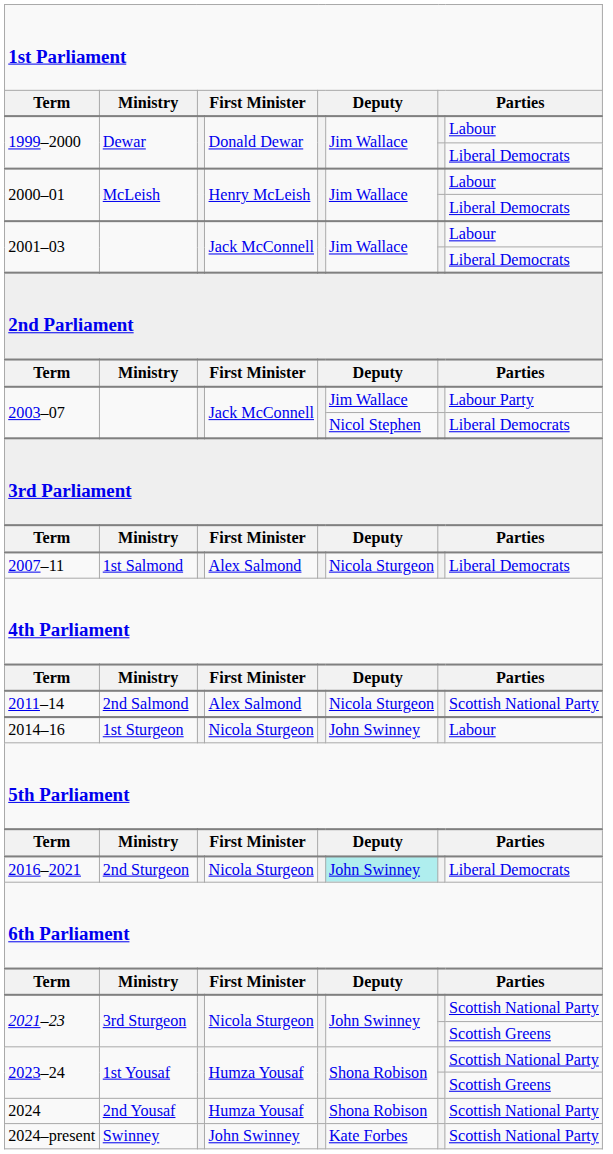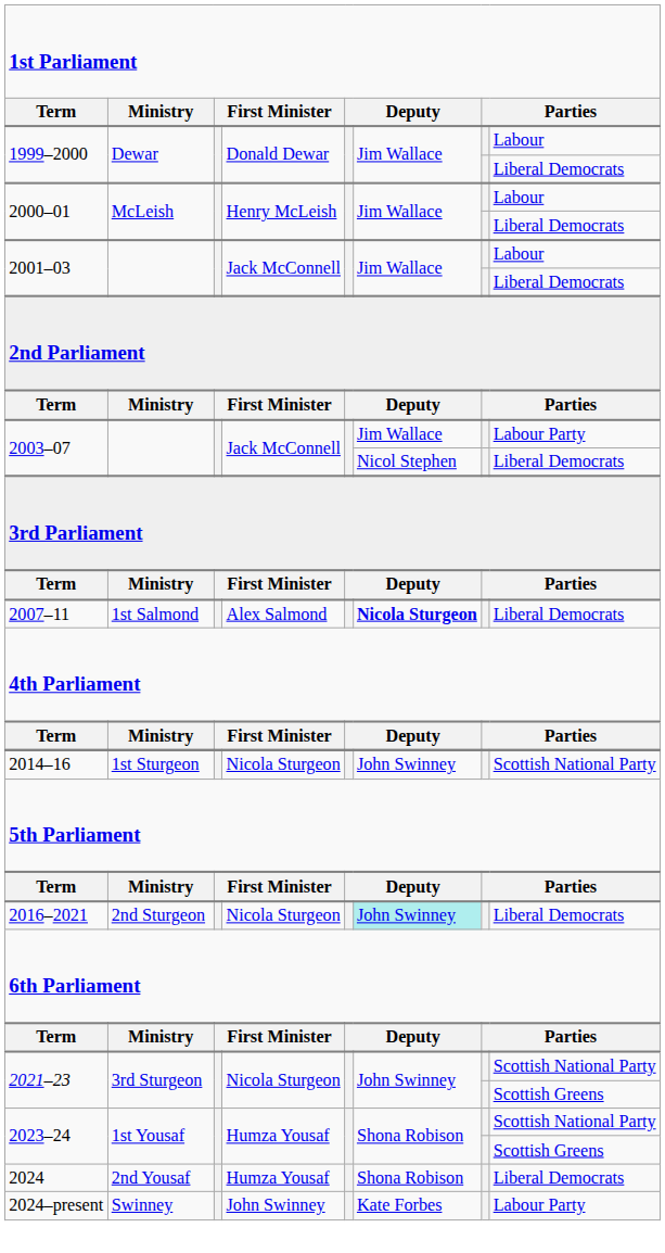 <table class="wikitable">
 <tr>
 <td colspan="8"><br><h3><a href='#'>1st Parliament</a></h3></td>
 </tr>
 <tr style="text-align: center; background: #efefef; border-bottom: 2px solid gray;">
 <th>Term</th>
 <th style="width: 90px">Ministry</th>
 <th colspan="2">First Minister</th>
 <th colspan="2">Deputy</th>
 <th colspan="2">Parties</th>
 </tr>
 <tr>
 <td rowspan="2"><a href='#'>1999</a>–2000</td>
 <td rowspan="2"><a href='#'>Dewar</a></td>
 <th rowspan="2" style="background-color: "></th>
 <td rowspan="2"><a href='#'>Donald Dewar</a></td>
 <th rowspan="2" style="background-color: "></th>
 <td rowspan="2"><a href='#'>Jim Wallace</a></td>
 <th style="background-color: "></th>
 <td><a href='#'>Labour</a></td>
 </tr>
 <tr style="border-bottom: 2px solid gray;">
 <th style="background-color: "></th>
 <td><a href='#'>Liberal Democrats</a></td>
 </tr>
 <tr>
 <td rowspan="2">2000–01</td>
 <td rowspan="2"><a href='#'>McLeish</a></td>
 <th rowspan="2" style="background-color: "></th>
 <td rowspan="2"><a href='#'>Henry McLeish</a></td>
 <th rowspan="2" style="background-color: "></th>
 <td rowspan="2"><a href='#'>Jim Wallace</a></td>
 <th style="background-color: "></th>
 <td><a href='#'>Labour</a></td>
 </tr>
 <tr style="border-bottom: 2px solid gray;">
 <th style="background-color: "></th>
 <td><a href='#'>Liberal Democrats</a></td>
 </tr>
 <tr>
 <td rowspan="2">2001–03</td>
 <td rowspan="2"></td>
 <th rowspan="2" style="background-color: "></th>
 <td rowspan="2"><a href='#'>Jack McConnell</a></td>
 <th rowspan="2" style="background-color: "></th>
 <td rowspan="2"><a href='#'>Jim Wallace</a></td>
 <th style="background-color: "></th>
 <td><a href='#'>Labour</a></td>
 </tr>
 <tr style="border-bottom: 2px solid gray;">
 <th style="background-color: "></th>
 <td><a href='#'>Liberal Democrats</a></td>
 </tr>
 <tr style="text-align: left; background: #efefef; border-bottom: 2px solid gray;">
 <td colspan="8"><br><h3><a href='#'>2nd Parliament</a></h3></td>
 </tr>
 <tr style="text-align: center; background: #efefef; border-bottom: 2px solid gray;">
 <th>Term</th>
 <th style="width: 90px">Ministry</th>
 <th colspan="2">First Minister</th>
 <th colspan="2">Deputy</th>
 <th colspan="2">Parties</th>
 </tr>
 <tr>
 <td rowspan="2"><a href='#'>2003</a>–07</td>
 <td rowspan="2"></td>
 <th rowspan="2" style="background-color: "></th>
 <td rowspan="2"><a href='#'>Jack McConnell</a></td>
 <th rowspan="2" style="background-color: "></th>
 <td rowspan="1"><a href='#'>Jim Wallace</a></td>
 <th style="background-color: "></th>
 <td rowspan="1"><a href='#'>Labour Party</a></td>
 </tr>
 <tr style="border-bottom: 2px solid gray;">
 <td rowspan="1"><a href='#'>Nicol Stephen</a></td>
 <th style="background-color: "></th>
 <td><a href='#'>Liberal Democrats</a></td>
 </tr>
 <tr style="text-align: left; background: #efefef; border-bottom: 2px solid gray;">
 <td colspan="8"><br><h3><a href='#'>3rd Parliament</a></h3></td>
 </tr>
 <tr style="text-align: center; background: #efefef; border-bottom: 2px solid gray;">
 <th>Term</th>
 <th style="width: 90px">Ministry</th>
 <th colspan="2">First Minister</th>
 <th colspan="2">Deputy</th>
 <th colspan="2">Parties</th>
 </tr>
 <tr>
 <td><a href='#'>2007</a>–11</td>
 <td><a href='#'>1st Salmond</a></td>
 <th style="background-color: "></th>
 <td><a href='#'>Alex Salmond</a></td>
 <th style="background-color: "></th>
-<td><a href='#'>Nicola Sturgeon</a></td>
+<td><strong><a href='#'>Nicola Sturgeon</a></strong></td>
 <th style="background-color: "></th>
 <td><a href='#'>Liberal Democrats</a></td>
 </tr>
 <tr style="border-bottom: 2px solid gray;">
 <td colspan="8"><br><h3><a href='#'>4th Parliament</a></h3></td>
 </tr>
 <tr style="text-align: center; background: #efefef; border-bottom: 2px solid gray;">
 <th>Term</th>
 <th style="width: 90px">Ministry</th>
 <th colspan="2">First Minister</th>
 <th colspan="2">Deputy</th>
 <th colspan="2">Parties</th>
 </tr>
-<tr>
-<td><a href='#'>2011</a>–14</td>
-<td><a href='#'>2nd Salmond</a></td>
-<th style="background-color: "></th>
-<td><a href='#'>Alex Salmond</a></td>
-<th style="background-color: "></th>
-<td><a href='#'>Nicola Sturgeon</a></td>
-<th style="background-color: "></th>
-<td><a href='#'>Scottish National Party</a></td>
-</tr>
 <tr style="border-bottom: 2px solid gray;">
 </tr>
 <tr>
 <td>2014–16</td>
 <td><a href='#'>1st Sturgeon</a></td>
 <th style="background-color: "></th>
 <td><a href='#'>Nicola Sturgeon</a></td>
 <th style="background-color: "></th>
 <td><a href='#'>John Swinney</a></td>
 <th style="background-color: "></th>
-<td><a href='#'>Labour</a></td>
+<td><a href='#'>Scottish National Party</a></td>
 </tr>
 <tr style="border-bottom: 2px solid gray;">
 <td colspan="8"><br><h3><a href='#'>5th Parliament</a></h3></td>
 </tr>
 <tr style="text-align: center; background: #efefef; border-bottom: 2px solid gray;">
 <th>Term</th>
 <th style="width: 90px">Ministry</th>
 <th colspan="2">First Minister</th>
 <th colspan="2">Deputy</th>
 <th colspan="2">Parties</th>
 </tr>
 <tr>
 <td><a href='#'>2016</a>–<a href='#'>2021</a></td>
 <td><a href='#'>2nd Sturgeon</a></td>
 <th style="background-color: "></th>
 <td><a href='#'>Nicola Sturgeon</a></td>
 <th style="background-color: "></th>
 <td style="background: paleturquoise;"><a href='#'>John Swinney</a></td>
 <th style="background-color: "></th>
 <td><a href='#'>Liberal Democrats</a></td>
 </tr>
 <tr style="border-bottom: 2px solid gray;">
 <td colspan="8"><br><h3><a href='#'>6th Parliament</a></h3></td>
 </tr>
 <tr style="text-align: center; background: #efefef; border-bottom: 2px solid gray;">
 <th>Term</th>
 <th style="width: 90px">Ministry</th>
 <th colspan="2">First Minister</th>
 <th colspan="2">Deputy</th>
 <th colspan="2">Parties</th>
 </tr>
 <tr>
 <td rowspan="2"><em><a href='#'>2021</a>–23</em></td>
 <td rowspan="2"><a href='#'>3rd Sturgeon</a></td>
 <th rowspan="2" style="background-color: "></th>
 <td rowspan="2"><a href='#'>Nicola Sturgeon</a></td>
 <th rowspan="2" style="background-color: "></th>
 <td rowspan="2"><a href='#'>John Swinney</a></td>
 <th style="background-color: "></th>
 <td><a href='#'>Scottish National Party</a></td>
 </tr>
 <tr>
 <th style="background-color: "></th>
 <td><a href='#'>Scottish Greens</a></td>
 </tr>
 <tr>
 <td rowspan="2"><a href='#'>2023</a><em>–</em>24</td>
 <td rowspan="2"><a href='#'>1st Yousaf</a></td>
 <th rowspan="2" style="background-color: "></th>
 <td rowspan="2"><a href='#'>Humza Yousaf</a></td>
 <th rowspan="2" style="background-color: "></th>
 <td rowspan="2"><a href='#'>Shona Robison</a></td>
 <th style="background-color: "></th>
 <td><a href='#'>Scottish National Party</a></td>
 </tr>
 <tr>
 <th rowspan="1" style="background-color: "></th>
 <td><a href='#'>Scottish Greens</a></td>
 </tr>
 <tr>
 <td>2024</td>
 <td><a href='#'>2nd Yousaf</a></td>
 <th style="background-color: "></th>
 <td><a href='#'>Humza Yousaf</a></td>
 <th style="background-color: "></th>
 <td><a href='#'>Shona Robison</a></td>
 <th style="background-color: "></th>
-<td><a href='#'>Scottish National Party</a></td>
+<td><a href='#'>Liberal Democrats</a></td>
 </tr>
 <tr>
 <td>2024–present</td>
 <td><a href='#'>Swinney</a></td>
 <th style="background-color: "></th>
 <td><a href='#'>John Swinney</a></td>
 <th style="background-color: "></th>
 <td><a href='#'>Kate Forbes</a></td>
 <th style="background-color: "></th>
-<td><a href='#'>Scottish National Party</a></td>
+<td rowspan="1"><a href='#'>Labour Party</a></td>
 </tr>
 </table>
